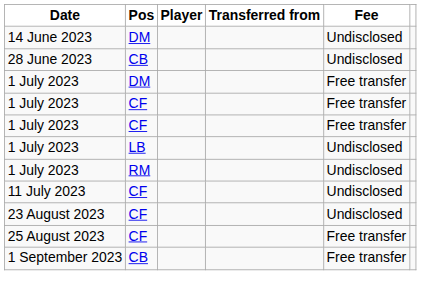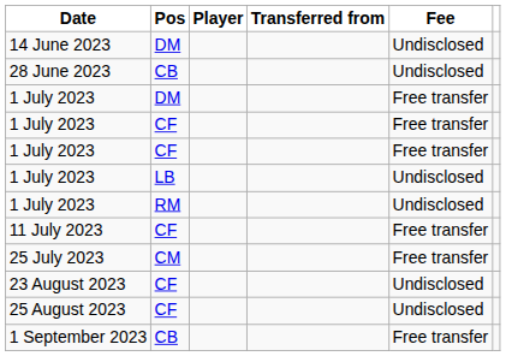 <table class="wikitable plainrowheaders sortable">
 <tr>
 <th style="background-color:white;">Date</th>
 <th style="background-color:white;">Pos</th>
 <th style="background-color:white;">Player</th>
 <th style="background-color:white;">Transferred from</th>
 <th style="background-color:white;">Fee</th>
 <th style="background-color:white;"></th>
 </tr>
 <tr>
 <td>14 June 2023</td>
 <td><a href='#'>DM</a></td>
 <td></td>
 <td></td>
 <td>Undisclosed</td>
 <td></td>
 </tr>
 <tr>
 <td>28 June 2023</td>
 <td><a href='#'>CB</a></td>
 <td></td>
 <td></td>
 <td>Undisclosed</td>
 <td></td>
 </tr>
 <tr>
 <td>1 July 2023</td>
 <td><a href='#'>DM</a></td>
 <td></td>
 <td></td>
 <td>Free transfer</td>
 <td></td>
 </tr>
 <tr>
 <td>1 July 2023</td>
 <td><a href='#'>CF</a></td>
 <td></td>
 <td></td>
 <td>Free transfer</td>
 <td></td>
 </tr>
 <tr>
 <td>1 July 2023</td>
 <td><a href='#'>CF</a></td>
 <td></td>
 <td></td>
 <td>Free transfer</td>
 <td></td>
 </tr>
 <tr>
 <td>1 July 2023</td>
 <td><a href='#'>LB</a></td>
 <td></td>
 <td></td>
 <td>Undisclosed</td>
 <td></td>
 </tr>
 <tr>
 <td>1 July 2023</td>
 <td><a href='#'>RM</a></td>
 <td></td>
 <td></td>
 <td>Undisclosed</td>
 <td></td>
 </tr>
 <tr>
 <td>11 July 2023</td>
 <td><a href='#'>CF</a></td>
 <td></td>
 <td></td>
-<td>Undisclosed</td>
+<td>Free transfer</td>
+<td></td>
+</tr>
+<tr>
+<td>25 July 2023</td>
+<td><a href='#'>CM</a></td>
+<td></td>
+<td></td>
+<td>Free transfer</td>
 <td></td>
 </tr>
 <tr>
 <td>23 August 2023</td>
 <td><a href='#'>CF</a></td>
 <td></td>
 <td></td>
 <td>Undisclosed</td>
 <td></td>
 </tr>
 <tr>
 <td>25 August 2023</td>
 <td><a href='#'>CF</a></td>
 <td></td>
 <td></td>
-<td>Free transfer</td>
+<td>Undisclosed</td>
 <td></td>
 </tr>
 <tr>
 <td>1 September 2023</td>
 <td><a href='#'>CB</a></td>
 <td></td>
 <td></td>
 <td>Free transfer</td>
 <td></td>
 </tr>
 </table>
